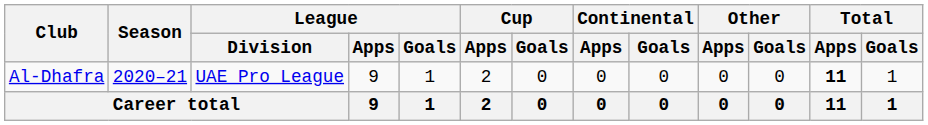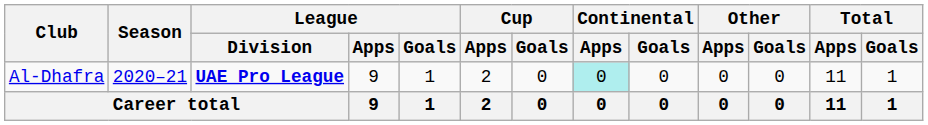 <table class="wikitable" style="text-align: center">
 <tr>
 <th rowspan="2">Club</th>
 <th rowspan="2">Season</th>
 <th colspan="3">League</th>
 <th colspan="2">Cup</th>
 <th colspan="2">Continental</th>
 <th colspan="2">Other</th>
 <th colspan="2">Total</th>
 </tr>
 <tr>
 <th>Division</th>
 <th>Apps</th>
 <th>Goals</th>
 <th>Apps</th>
 <th>Goals</th>
 <th>Apps</th>
 <th>Goals</th>
 <th>Apps</th>
 <th>Goals</th>
 <th>Apps</th>
 <th>Goals</th>
 </tr>
 <tr>
 <td><a href='#'>Al-Dhafra</a></td>
 <td><a href='#'>2020–21</a></td>
-<td><a href='#'>UAE Pro League</a></td>
+<td><strong><a href='#'>UAE Pro League</a></strong></td>
 <td>9</td>
 <td>1</td>
 <td>2</td>
 <td>0</td>
+<td style="background: paleturquoise;">0</td>
 <td>0</td>
 <td>0</td>
 <td>0</td>
-<td>0</td>
-<td><strong>11</strong></td>
+<td>11</td>
 <td>1</td>
 </tr>
 <tr>
 <th colspan="3"><strong>Career total</strong></th>
 <th>9</th>
 <th>1</th>
 <th>2</th>
 <th>0</th>
 <th>0</th>
 <th>0</th>
 <th>0</th>
 <th>0</th>
 <th>11</th>
 <th>1</th>
 </tr>
 </table>
